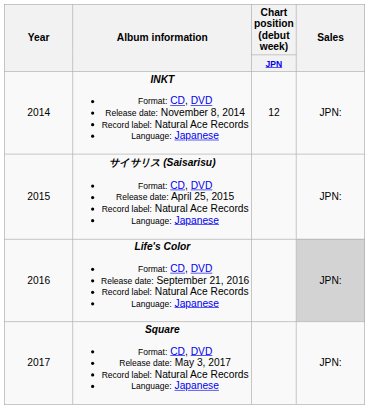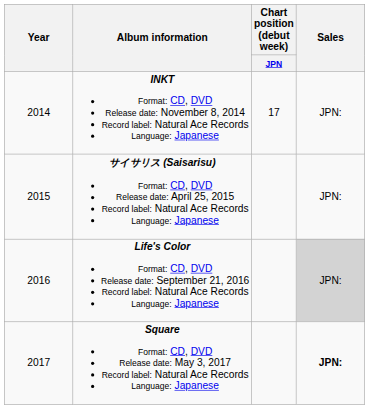 <table class="wikitable" style="text-align:center;">
 <tr>
 <th rowspan="2" style="width:100px;">Year</th>
 <th rowspan="2">Album information</th>
 <th colspan="1">Chart position (debut week)</th>
 <th rowspan=2 width="100">Sales</th>
 </tr>
 <tr>
 <th width="30"><small><a href='#'>JPN</a></small></th>
 </tr>
 <tr>
 <td>2014</td>
 <td><strong><em>INKT</em></strong><br><ul><li><small>Format:</small> <a href='#'>CD</a>, <a href='#'>DVD</a></li><li><small>Release date:</small> November 8, 2014</li><li><small>Record label:</small> Natural Ace Records</li><li><small>Language:</small> <a href='#'>Japanese</a></li></ul></td>
-<td style="text-align:center;">12</td>
+<td style="text-align:center;">17</td>
 <td>JPN:</td>
 </tr>
 <tr>
 <td>2015</td>
 <td><strong><em>サイサリス (Saisarisu)</em></strong><br><ul><li><small>Format:</small> <a href='#'>CD</a>, <a href='#'>DVD</a></li><li><small>Release date:</small> April 25, 2015</li><li><small>Record label:</small> Natural Ace Records</li><li><small>Language:</small> <a href='#'>Japanese</a></li></ul></td>
 <td style="text-align:center;"></td>
 <td>JPN:</td>
 </tr>
 <tr>
 <td>2016</td>
 <td><strong><em>Life's Color</em></strong><br><ul><li><small>Format:</small> <a href='#'>CD</a>, <a href='#'>DVD</a></li><li><small>Release date:</small> September 21, 2016</li><li><small>Record label:</small> Natural Ace Records</li><li><small>Language:</small> <a href='#'>Japanese</a></li></ul></td>
 <td style="text-align:center;"></td>
 <td style="background: lightgrey;">JPN:</td>
 </tr>
 <tr>
 <td>2017</td>
 <td><strong><em>Square</em></strong><br><ul><li><small>Format:</small> <a href='#'>CD</a>, <a href='#'>DVD</a></li><li><small>Release date:</small> May 3, 2017</li><li><small>Record label:</small> Natural Ace Records</li><li><small>Language:</small> <a href='#'>Japanese</a></li></ul></td>
 <td style="text-align:center;"></td>
-<td>JPN:</td>
+<td><strong>JPN:</strong></td>
 </tr>
 </table>
